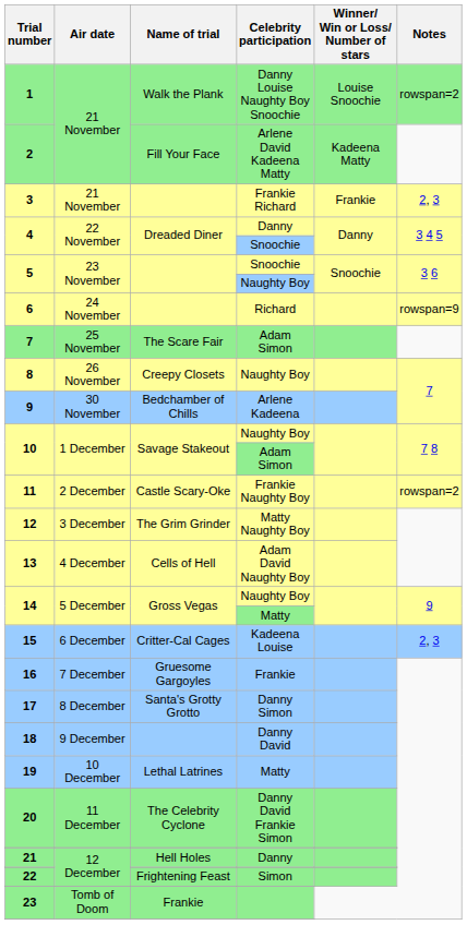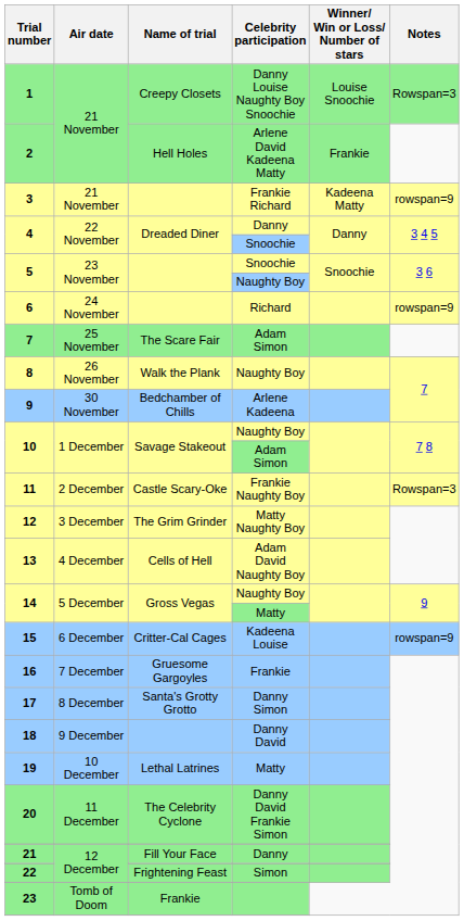 <table class=wikitable style="text-align:center">
 <tr>
 <th scope="col">Trial<br>number</th>
 <th scope="col">Air date</th>
 <th scope="col">Name of trial</th>
 <th scope="col">Celebrity<br>participation</th>
 <th scope="col">Winner/<br>Win or Loss/<br>Number of stars</th>
 <th scope="col">Notes</th>
 </tr>
 <tr style="background:lightgreen;" |>
 <td><strong>1</strong></td>
 <td rowspan="2">21 November</td>
-<td>Walk the Plank</td>
+<td>Creepy Closets</td>
 <td>Danny<br>Louise<br>Naughty Boy<br>Snoochie</td>
 <td>Louise<br>Snoochie</td>
-<td>rowspan=2 </td>
+<td>Rowspan=3</td>
 </tr>
 <tr style="background:lightgreen;" |>
 <td><strong>2</strong></td>
-<td>Fill Your Face</td>
+<td>Hell Holes</td>
 <td>Arlene<br>David<br>Kadeena<br>Matty</td>
-<td>Kadeena<br>Matty</td>
+<td>Frankie</td>
 </tr>
 <tr style="background:#FFFF99;" |>
 <td><strong>3</strong></td>
 <td>21 November</td>
 <td></td>
 <td>Frankie<br>Richard</td>
-<td>Frankie</td>
-<td><a href='#'>2</a>, <a href='#'>3</a></td>
+<td>Kadeena<br>Matty</td>
+<td>rowspan=9 </td>
 </tr>
 <tr style="background:#ff9;">
 <td rowspan="2"><strong>4</strong></td>
 <td rowspan="2">22 November</td>
 <td rowspan="2">Dreaded Diner</td>
 <td>Danny</td>
 <td rowspan="2">Danny</td>
 <td rowspan="2"><a href='#'>3</a> <a href='#'>4</a> <a href='#'>5</a></td>
 </tr>
 <tr style="background:#99CCFF;">
 <td>Snoochie</td>
 </tr>
 <tr style="background:#ff9;">
 <td rowspan=2><strong>5</strong></td>
 <td rowspan=2>23 November</td>
 <td rowspan=2></td>
 <td>Snoochie</td>
 <td rowspan=2>Snoochie</td>
 <td rowspan=2><a href='#'>3</a> <a href='#'>6</a></td>
 </tr>
 <tr style="background:#99CCFF;">
 <td>Naughty Boy</td>
 </tr>
 <tr style="background:#FFFF99;|">
 <td><strong>6</strong></td>
 <td>24 November</td>
 <td></td>
 <td>Richard</td>
 <td></td>
 <td>rowspan=9 </td>
 </tr>
 <tr style="background:lightgreen"|>
 <td><strong>7</strong></td>
 <td>25 November</td>
 <td>The Scare Fair</td>
 <td>Adam<br>Simon</td>
 <td></td>
 </tr>
 <tr style="background:#FFFF99;|">
 <td><strong>8</strong></td>
 <td>26 November</td>
-<td>Creepy Closets</td>
+<td>Walk the Plank</td>
 <td>Naughty Boy</td>
 <td></td>
 <td Rowspan=2><a href='#'>7</a></td>
 </tr>
 <tr style="background:#99CCFF;|">
 <td><strong>9</strong></td>
 <td>30 November</td>
 <td>Bedchamber of Chills</td>
 <td>Arlene<br>Kadeena</td>
 <td></td>
 </tr>
 <tr style="background:#FFFF99;|">
 <td rowspan=2><strong>10</strong></td>
 <td rowspan=2>1 December</td>
 <td rowspan=2>Savage Stakeout</td>
 <td>Naughty Boy</td>
 <td rowspan=2></td>
 <td Rowspan=2><a href='#'>7</a> <a href='#'>8</a></td>
 </tr>
 <tr style="background:lightgreen"|>
 <td>Adam<br>Simon</td>
 </tr>
 <tr style="background:#FFFF99;|">
 <td><strong>11</strong></td>
 <td>2 December</td>
 <td>Castle Scary-Oke</td>
 <td>Frankie<br>Naughty Boy</td>
 <td></td>
-<td>rowspan=2 </td>
+<td>Rowspan=3</td>
 </tr>
 <tr style="background:#FFFF99;|">
 <td><strong>12</strong></td>
 <td>3 December</td>
 <td>The Grim Grinder</td>
 <td>Matty<br>Naughty Boy</td>
 <td></td>
 </tr>
 <tr style="background:#FFFF99;|">
 <td><strong>13</strong></td>
 <td>4 December</td>
 <td>Cells of Hell</td>
 <td>Adam<br>David<br>Naughty Boy</td>
 <td></td>
 </tr>
 <tr style="background:#FFFF99;|">
 <td rowspan=2><strong>14</strong></td>
 <td rowspan=2>5 December</td>
 <td rowspan=2>Gross Vegas</td>
 <td>Naughty Boy</td>
 <td rowspan=2></td>
 <td rowspan=2><a href='#'>9</a></td>
 </tr>
 <tr style="background:lightgreen"|>
 <td>Matty</td>
 </tr>
 <tr style="background:#99CCFF;|">
 <td><strong>15</strong></td>
 <td>6 December</td>
 <td>Critter-Cal Cages</td>
 <td>Kadeena<br>Louise</td>
 <td></td>
-<td><a href='#'>2</a>, <a href='#'>3</a></td>
+<td>rowspan=9 </td>
 </tr>
 <tr style="background:#99CCFF;|">
 <td><strong>16</strong></td>
 <td>7 December</td>
 <td>Gruesome Gargoyles</td>
 <td>Frankie</td>
 <td></td>
 </tr>
 <tr style="background:#99CCFF;|">
 <td><strong>17</strong></td>
 <td>8 December</td>
 <td>Santa's Grotty Grotto</td>
 <td>Danny<br>Simon</td>
 <td></td>
 </tr>
 <tr style="background:#99CCFF;|">
 <td><strong>18</strong></td>
 <td>9 December</td>
 <td></td>
 <td>Danny<br>David</td>
 <td></td>
 </tr>
 <tr style="background:#99CCFF;|">
 <td><strong>19</strong></td>
 <td>10 December</td>
 <td>Lethal Latrines</td>
 <td>Matty</td>
 <td></td>
 </tr>
 <tr style="background:lightgreen"|>
 <td><strong>20</strong></td>
 <td>11 December</td>
 <td>The Celebrity Cyclone</td>
 <td>Danny <br> David <br> Frankie <br> Simon</td>
 <td></td>
 </tr>
 <tr>
 </tr>
 <tr style="background:lightgreen;">
 <td><strong>21</strong></td>
 <td rowspan="3">12 December</td>
-<td>Hell Holes</td>
+<td>Fill Your Face</td>
 <td>Danny</td>
 <td></td>
 </tr>
 <tr>
 </tr>
 <tr style="background:lightgreen;">
 <td><strong>22</strong></td>
 <td>Frightening Feast</td>
 <td>Simon</td>
 <td></td>
 </tr>
 <tr>
 </tr>
 <tr style="background:lightgreen;">
 <td><strong>23</strong></td>
 <td>Tomb of Doom</td>
 <td>Frankie</td>
 <td></td>
 </tr>
 <tr>
 </tr>
 </table>
